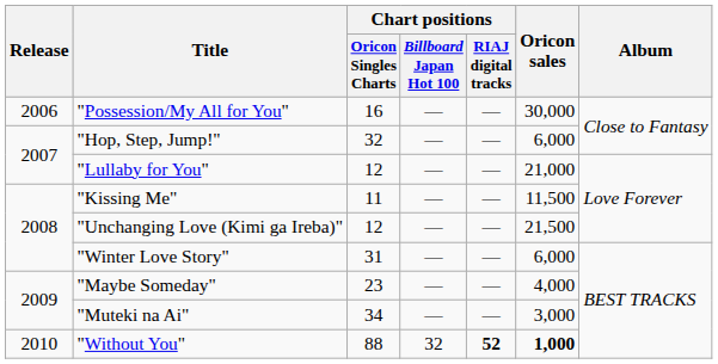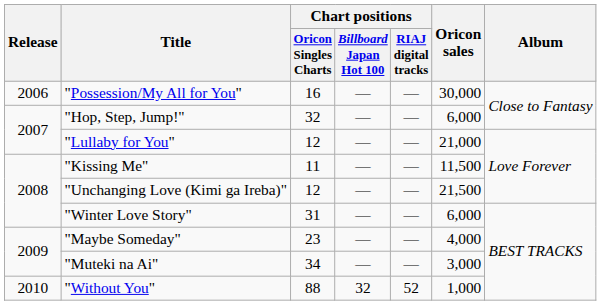 <table class="wikitable" style="text-align:center">
 <tr bgcolor="#CCCCCC">
 <th rowspan="2">Release</th>
 <th rowspan="2">Title</th>
 <th colspan="3">Chart positions</th>
 <th rowspan="2">Oricon<br>sales<br></th>
 <th rowspan="2">Album</th>
 </tr>
 <tr style="font-size:smaller;">
 <th width="35"><a href='#'>Oricon</a> Singles Charts<br></th>
 <th width="35"><em><a href='#'>Billboard</a></em> <a href='#'>Japan Hot 100</a><br></th>
 <th width="35"><a href='#'>RIAJ</a> digital tracks<br></th>
 </tr>
 <tr>
 <td rowspan="1">2006</td>
 <td align="left">"<a href='#'>Possession/My All for You</a>"</td>
 <td>16</td>
 <td>—</td>
 <td>—</td>
 <td align="right">30,000 </td>
 <td align="left" rowspan="2"><em>Close to Fantasy</em></td>
 </tr>
 <tr>
 <td rowspan="2">2007</td>
 <td align="left">"Hop, Step, Jump!"</td>
 <td>32</td>
 <td>—</td>
 <td>—</td>
 <td align="right">6,000 </td>
 </tr>
 <tr>
 <td align="left">"<a href='#'>Lullaby for You</a>"</td>
 <td>12</td>
 <td>—</td>
 <td>—</td>
 <td align="right">21,000 </td>
 <td align="left" rowspan="3"><em>Love Forever</em></td>
 </tr>
 <tr>
 <td rowspan="3">2008</td>
 <td align="left">"Kissing Me"</td>
 <td>11</td>
 <td>—</td>
 <td>—</td>
 <td align="right">11,500 </td>
 </tr>
 <tr>
 <td align="left">"Unchanging Love (Kimi ga Ireba)"</td>
 <td>12</td>
 <td>—</td>
 <td>—</td>
 <td align="right">21,500 </td>
 </tr>
 <tr>
 <td align="left">"Winter Love Story"</td>
 <td>31</td>
 <td>—</td>
 <td>—</td>
 <td align="right">6,000 </td>
 <td align="left" rowspan="4"><em>BEST TRACKS</em></td>
 </tr>
 <tr>
 <td rowspan="2">2009</td>
 <td align="left">"Maybe Someday"</td>
 <td>23</td>
 <td>—</td>
 <td>—</td>
 <td align="right">4,000 </td>
 </tr>
 <tr>
 <td align="left">"Muteki na Ai"</td>
 <td>34</td>
 <td>—</td>
 <td>—</td>
 <td align="right">3,000 </td>
 </tr>
 <tr>
 <td rowspan="1">2010</td>
 <td align="left">"<a href='#'>Without You</a>"</td>
 <td>88</td>
 <td>32</td>
-<td><strong>52</strong></td>
-<td align="right"><strong>1,000 </strong></td>
+<td>52</td>
+<td align="right">1,000 </td>
 </tr>
 </table>
